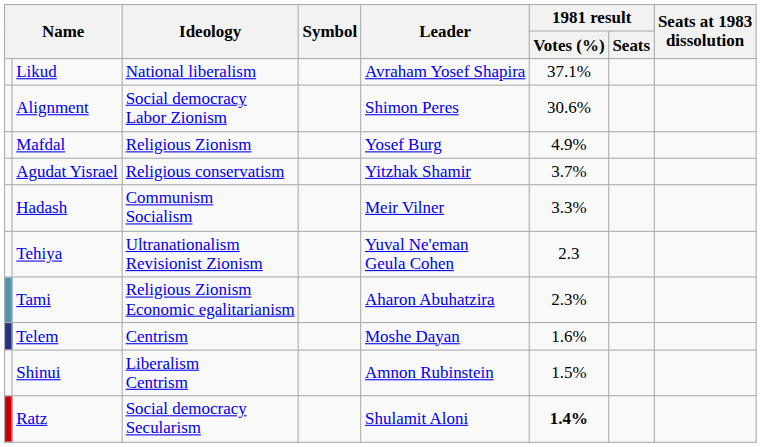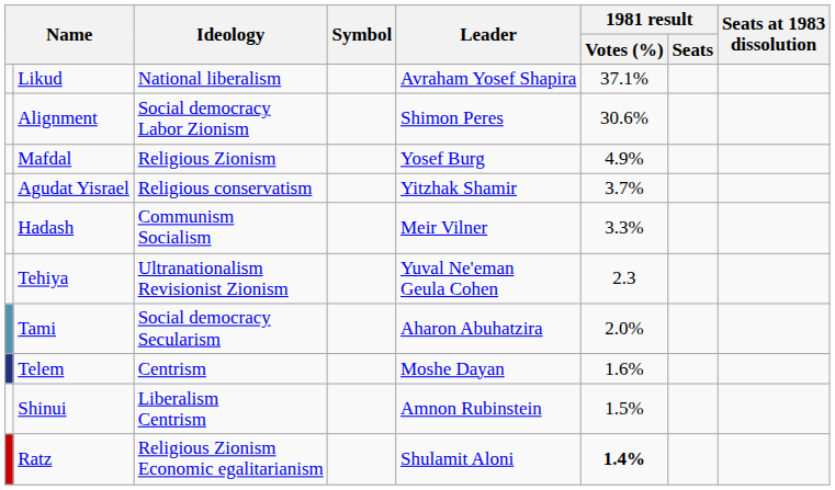 <table class="wikitable">
 <tr>
 <th rowspan="2" colspan=2>Name</th>
 <th rowspan="2">Ideology</th>
 <th rowspan="2">Symbol</th>
 <th rowspan="2">Leader</th>
 <th colspan="2">1981 result</th>
 <th rowspan="2">Seats at 1983<br>dissolution</th>
 </tr>
 <tr>
 <th>Votes (%)</th>
 <th>Seats</th>
 </tr>
 <tr>
 <td style="background:"></td>
 <td><a href='#'>Likud</a></td>
 <td><a href='#'>National liberalism</a></td>
 <td></td>
 <td><a href='#'>Avraham Yosef Shapira</a></td>
 <td style="text-align:center;" rowspan=1>37.1%</td>
 <td></td>
 <td></td>
 </tr>
 <tr>
 <td style="background:"></td>
 <td><a href='#'>Alignment</a></td>
 <td><a href='#'>Social democracy</a><br><a href='#'>Labor Zionism</a></td>
 <td></td>
 <td><a href='#'>Shimon Peres</a></td>
 <td style="text-align:center;">30.6%</td>
 <td></td>
 <td></td>
 </tr>
 <tr>
 <td style="background:"></td>
 <td><a href='#'>Mafdal</a></td>
 <td><a href='#'>Religious Zionism</a></td>
 <td></td>
 <td><a href='#'>Yosef Burg</a></td>
 <td style="text-align:center;">4.9%</td>
 <td></td>
 <td></td>
 </tr>
 <tr>
 <td style="background:"></td>
 <td><a href='#'>Agudat Yisrael</a></td>
 <td><a href='#'>Religious conservatism</a></td>
 <td></td>
 <td><a href='#'>Yitzhak Shamir</a></td>
 <td style="text-align:center;">3.7%</td>
 <td></td>
 <td></td>
 </tr>
 <tr>
 <td style="background:"></td>
 <td><a href='#'>Hadash</a></td>
 <td><a href='#'>Communism</a><br><a href='#'>Socialism</a></td>
 <td></td>
 <td><a href='#'>Meir Vilner</a></td>
 <td style="text-align:center;">3.3%</td>
 <td></td>
 <td></td>
 </tr>
 <tr>
 <td style="background:"></td>
 <td><a href='#'>Tehiya</a></td>
 <td><a href='#'>Ultranationalism</a><br><a href='#'>Revisionist Zionism</a></td>
 <td></td>
 <td><a href='#'>Yuval Ne'eman</a><br><a href='#'>Geula Cohen</a></td>
 <td style="text-align:center;">2.3</td>
 <td></td>
 <td></td>
 </tr>
 <tr>
 <td style="background:#5294AE;"></td>
 <td><a href='#'>Tami</a></td>
-<td><a href='#'>Religious Zionism</a><br><a href='#'>Economic egalitarianism</a></td>
+<td><a href='#'>Social democracy</a><br><a href='#'>Secularism</a></td>
 <td></td>
 <td><a href='#'>Aharon Abuhatzira</a></td>
-<td style="text-align:center;">2.3%</td>
+<td style="text-align:center;">2.0%</td>
 <td></td>
 <td></td>
 </tr>
 <tr>
 <td style="background:#24317C;"></td>
 <td><a href='#'>Telem</a></td>
 <td><a href='#'>Centrism</a></td>
 <td></td>
 <td><a href='#'>Moshe Dayan</a></td>
 <td style="text-align:center;">1.6%</td>
 <td></td>
 <td></td>
 </tr>
 <tr>
 <td style="background:"></td>
 <td><a href='#'>Shinui</a></td>
 <td><a href='#'>Liberalism</a><br><a href='#'>Centrism</a></td>
 <td></td>
 <td><a href='#'>Amnon Rubinstein</a></td>
 <td style="text-align:center;">1.5%</td>
 <td></td>
 <td></td>
 </tr>
 <tr>
 <td style="background:#C80004;"></td>
 <td><a href='#'>Ratz</a></td>
-<td><a href='#'>Social democracy</a><br><a href='#'>Secularism</a></td>
+<td><a href='#'>Religious Zionism</a><br><a href='#'>Economic egalitarianism</a></td>
 <td></td>
 <td><a href='#'>Shulamit Aloni</a></td>
 <td style="text-align:center;"><strong>1.4%</strong></td>
 <td></td>
 <td></td>
 </tr>
 </table>
